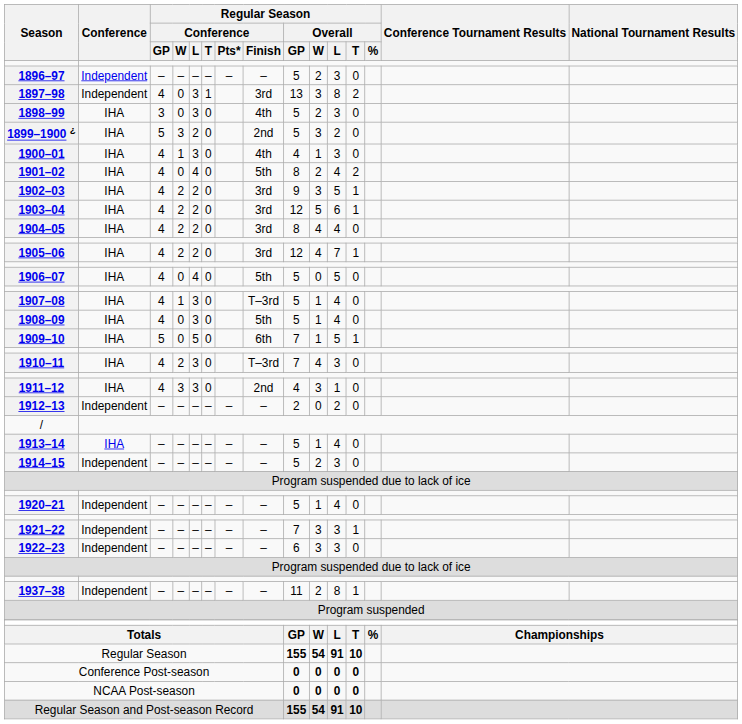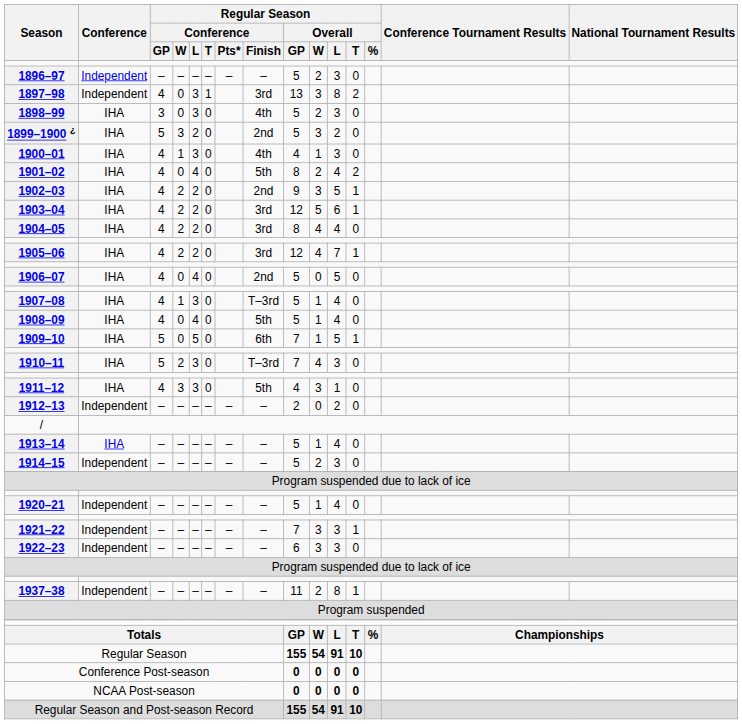 <table class="wikitable" style="text-align: center; font-size: 95%">
 <tr>
 <th rowspan="3">Season</th>
 <th rowspan="3">Conference</th>
 <th colspan="11">Regular Season</th>
 <th rowspan="3">Conference Tournament Results</th>
 <th rowspan="3">National Tournament Results</th>
 </tr>
 <tr>
 <th colspan="6">Conference</th>
 <th colspan="5">Overall</th>
 </tr>
 <tr>
 <th>GP</th>
 <th>W</th>
 <th>L</th>
 <th>T</th>
 <th>Pts*</th>
 <th>Finish</th>
 <th>GP</th>
 <th>W</th>
 <th>L</th>
 <th>T</th>
 <th>%</th>
 </tr>
 <tr>
 <td></td>
 </tr>
 <tr>
 <th><a href='#'>1896–97</a></th>
 <td><a href='#'>Independent</a></td>
 <td>–</td>
 <td>–</td>
 <td>–</td>
 <td>–</td>
 <td>–</td>
 <td>–</td>
 <td>5</td>
 <td>2</td>
 <td>3</td>
 <td>0</td>
 <td></td>
 <td align="left"></td>
 <td align="left"></td>
 </tr>
 <tr>
 <th><a href='#'>1897–98</a></th>
 <td>Independent</td>
 <td>4</td>
 <td>0</td>
 <td>3</td>
 <td>1</td>
 <td></td>
 <td>3rd</td>
 <td>13</td>
 <td>3</td>
 <td>8</td>
 <td>2</td>
 <td></td>
 <td align="left"></td>
 <td align="left"></td>
 </tr>
 <tr>
 <th><a href='#'>1898–99</a></th>
 <td>IHA</td>
 <td>3</td>
 <td>0</td>
 <td>3</td>
 <td>0</td>
 <td></td>
 <td>4th</td>
 <td>5</td>
 <td>2</td>
 <td>3</td>
 <td>0</td>
 <td></td>
 <td align="left"></td>
 <td align="left"></td>
 </tr>
 <tr>
 <th><a href='#'>1899–1900</a> <sup>¿</sup></th>
 <td>IHA</td>
 <td>5</td>
 <td>3</td>
 <td>2</td>
 <td>0</td>
 <td></td>
 <td>2nd</td>
 <td>5</td>
 <td>3</td>
 <td>2</td>
 <td>0</td>
 <td></td>
 <td align="left"></td>
 <td align="left"></td>
 </tr>
 <tr>
 <th><a href='#'>1900–01</a></th>
 <td>IHA</td>
 <td>4</td>
 <td>1</td>
 <td>3</td>
 <td>0</td>
 <td></td>
 <td>4th</td>
 <td>4</td>
 <td>1</td>
 <td>3</td>
 <td>0</td>
 <td></td>
 <td align="left"></td>
 <td align="left"></td>
 </tr>
 <tr>
 <th><a href='#'>1901–02</a></th>
 <td>IHA</td>
 <td>4</td>
 <td>0</td>
 <td>4</td>
 <td>0</td>
 <td></td>
 <td>5th</td>
 <td>8</td>
 <td>2</td>
 <td>4</td>
 <td>2</td>
 <td></td>
 <td align="left"></td>
 <td align="left"></td>
 </tr>
 <tr>
 <th><a href='#'>1902–03</a></th>
 <td>IHA</td>
 <td>4</td>
 <td>2</td>
 <td>2</td>
 <td>0</td>
 <td></td>
-<td>3rd</td>
+<td>2nd</td>
 <td>9</td>
 <td>3</td>
 <td>5</td>
 <td>1</td>
 <td></td>
 <td align="left"></td>
 <td align="left"></td>
 </tr>
 <tr>
 <th><a href='#'>1903–04</a></th>
 <td>IHA</td>
 <td>4</td>
 <td>2</td>
 <td>2</td>
 <td>0</td>
 <td></td>
 <td>3rd</td>
 <td>12</td>
 <td>5</td>
 <td>6</td>
 <td>1</td>
 <td></td>
 <td align="left"></td>
 <td align="left"></td>
 </tr>
 <tr>
 <th><a href='#'>1904–05</a></th>
 <td>IHA</td>
 <td>4</td>
 <td>2</td>
 <td>2</td>
 <td>0</td>
 <td></td>
 <td>3rd</td>
 <td>8</td>
 <td>4</td>
 <td>4</td>
 <td>0</td>
 <td></td>
 <td align="left"></td>
 <td align="left"></td>
 </tr>
 <tr>
 <td><a href='#'></a> </td>
 </tr>
 <tr>
 <th><a href='#'>1905–06</a></th>
 <td>IHA</td>
 <td>4</td>
 <td>2</td>
 <td>2</td>
 <td>0</td>
 <td></td>
 <td>3rd</td>
 <td>12</td>
 <td>4</td>
 <td>7</td>
 <td>1</td>
 <td></td>
 <td align="left"></td>
 <td align="left"></td>
 </tr>
 <tr>
 <td><a href='#'></a> </td>
 </tr>
 <tr>
 <th><a href='#'>1906–07</a></th>
 <td>IHA</td>
 <td>4</td>
 <td>0</td>
 <td>4</td>
 <td>0</td>
 <td></td>
-<td>5th</td>
+<td>2nd</td>
 <td>5</td>
 <td>0</td>
 <td>5</td>
 <td>0</td>
 <td></td>
 <td align="left"></td>
 <td align="left"></td>
 </tr>
 <tr>
 <td><a href='#'></a> </td>
 </tr>
 <tr>
 <th><a href='#'>1907–08</a></th>
 <td>IHA</td>
 <td>4</td>
 <td>1</td>
 <td>3</td>
 <td>0</td>
 <td></td>
 <td>T–3rd</td>
 <td>5</td>
 <td>1</td>
 <td>4</td>
 <td>0</td>
 <td></td>
 <td align="left"></td>
 <td align="left"></td>
 </tr>
 <tr>
 <th><a href='#'>1908–09</a></th>
 <td>IHA</td>
 <td>4</td>
 <td>0</td>
-<td>3</td>
+<td>4</td>
 <td>0</td>
 <td></td>
 <td>5th</td>
 <td>5</td>
 <td>1</td>
 <td>4</td>
 <td>0</td>
 <td></td>
 <td align="left"></td>
 <td align="left"></td>
 </tr>
 <tr>
 <th><a href='#'>1909–10</a></th>
 <td>IHA</td>
 <td>5</td>
 <td>0</td>
 <td>5</td>
 <td>0</td>
 <td></td>
 <td>6th</td>
 <td>7</td>
 <td>1</td>
 <td>5</td>
 <td>1</td>
 <td></td>
 <td align="left"></td>
 <td align="left"></td>
 </tr>
 <tr>
 <td><a href='#'></a> </td>
 </tr>
 <tr>
 <th><a href='#'>1910–11</a></th>
 <td>IHA</td>
-<td>4</td>
+<td>5</td>
 <td>2</td>
 <td>3</td>
 <td>0</td>
 <td></td>
 <td>T–3rd</td>
 <td>7</td>
 <td>4</td>
 <td>3</td>
 <td>0</td>
 <td></td>
 <td align="left"></td>
 <td align="left"></td>
 </tr>
 <tr>
 <td><a href='#'></a> </td>
 </tr>
 <tr>
 <th><a href='#'>1911–12</a></th>
 <td>IHA</td>
 <td>4</td>
 <td>3</td>
 <td>3</td>
 <td>0</td>
 <td></td>
-<td>2nd</td>
+<td>5th</td>
 <td>4</td>
 <td>3</td>
 <td>1</td>
 <td>0</td>
 <td></td>
 <td align="left"></td>
 <td align="left"></td>
 </tr>
 <tr>
 <th><a href='#'>1912–13</a></th>
 <td>Independent</td>
 <td>–</td>
 <td>–</td>
 <td>–</td>
 <td>–</td>
 <td>–</td>
 <td>–</td>
 <td>2</td>
 <td>0</td>
 <td>2</td>
 <td>0</td>
 <td></td>
 <td align="left"></td>
 <td align="left"></td>
 </tr>
 <tr>
 <td><a href='#'></a> / <a href='#'></a> </td>
 </tr>
 <tr>
 <th><a href='#'>1913–14</a></th>
 <td><a href='#'>IHA</a></td>
 <td>–</td>
 <td>–</td>
 <td>–</td>
 <td>–</td>
 <td>–</td>
 <td>–</td>
 <td>5</td>
 <td>1</td>
 <td>4</td>
 <td>0</td>
 <td></td>
 <td align="left"></td>
 <td align="left"></td>
 </tr>
 <tr>
 <th><a href='#'>1914–15</a></th>
 <td>Independent</td>
 <td>–</td>
 <td>–</td>
 <td>–</td>
 <td>–</td>
 <td>–</td>
 <td>–</td>
 <td>5</td>
 <td>2</td>
 <td>3</td>
 <td>0</td>
 <td></td>
 <td align="left"></td>
 <td align="left"></td>
 </tr>
 <tr>
 <td style="background:#dddddd;" colspan="15">Program suspended due to lack of ice</td>
 </tr>
 <tr>
 <td> </td>
 </tr>
 <tr>
 <th><a href='#'>1920–21</a></th>
 <td>Independent</td>
 <td>–</td>
 <td>–</td>
 <td>–</td>
 <td>–</td>
 <td>–</td>
 <td>–</td>
 <td>5</td>
 <td>1</td>
 <td>4</td>
 <td>0</td>
 <td></td>
 <td align="left"></td>
 <td align="left"></td>
 </tr>
 <tr>
 <td><a href='#'></a> </td>
 </tr>
 <tr>
 <th><a href='#'>1921–22</a></th>
 <td>Independent</td>
 <td>–</td>
 <td>–</td>
 <td>–</td>
 <td>–</td>
 <td>–</td>
 <td>–</td>
 <td>7</td>
 <td>3</td>
 <td>3</td>
 <td>1</td>
 <td></td>
 <td align="left"></td>
 <td align="left"></td>
 </tr>
 <tr>
 <th><a href='#'>1922–23</a></th>
 <td>Independent</td>
 <td>–</td>
 <td>–</td>
 <td>–</td>
 <td>–</td>
 <td>–</td>
 <td>–</td>
 <td>6</td>
 <td>3</td>
 <td>3</td>
 <td>0</td>
 <td></td>
 <td align="left"></td>
 <td align="left"></td>
 </tr>
 <tr>
 <td style="background:#dddddd;" colspan="15">Program suspended due to lack of ice</td>
 </tr>
 <tr>
 <td></td>
 </tr>
 <tr>
 <th><a href='#'>1937–38</a></th>
 <td>Independent</td>
 <td>–</td>
 <td>–</td>
 <td>–</td>
 <td>–</td>
 <td>–</td>
 <td>–</td>
 <td>11</td>
 <td>2</td>
 <td>8</td>
 <td>1</td>
 <td></td>
 <td align="left"></td>
 <td align="left"></td>
 </tr>
 <tr>
 <td style="background:#dddddd;" colspan="15">Program suspended</td>
 </tr>
 <tr>
 </tr>
 <tr ->
 </tr>
 <tr>
 <td colspan="15" style="background:#fff;"></td>
 </tr>
 <tr>
 <th colspan="8">Totals</th>
 <th>GP</th>
 <th>W</th>
 <th>L</th>
 <th>T</th>
 <th>%</th>
 <th colspan="2">Championships</th>
 </tr>
 <tr>
 <td colspan="8">Regular Season</td>
 <td><strong>155</strong></td>
 <td><strong>54</strong></td>
 <td><strong>91</strong></td>
 <td><strong>10</strong></td>
 <td><strong></strong></td>
 <td colspan="2" align="left"></td>
 </tr>
 <tr>
 <td colspan="8">Conference Post-season</td>
 <td><strong>0</strong></td>
 <td><strong>0</strong></td>
 <td><strong>0</strong></td>
 <td><strong>0</strong></td>
 <td><strong></strong></td>
 <td colspan="2" align="left"></td>
 </tr>
 <tr>
 <td colspan="8">NCAA Post-season</td>
 <td><strong>0</strong></td>
 <td><strong>0</strong></td>
 <td><strong>0</strong></td>
 <td><strong>0</strong></td>
 <td><strong></strong></td>
 <td colspan="2" align="left"></td>
 </tr>
 <tr bgcolor=dddddd>
 <td colspan="8">Regular Season and Post-season Record</td>
 <td><strong>155</strong></td>
 <td><strong>54</strong></td>
 <td><strong>91</strong></td>
 <td><strong>10</strong></td>
 <td><strong></strong></td>
 <td colspan="2" align="left"></td>
 </tr>
 </table>
